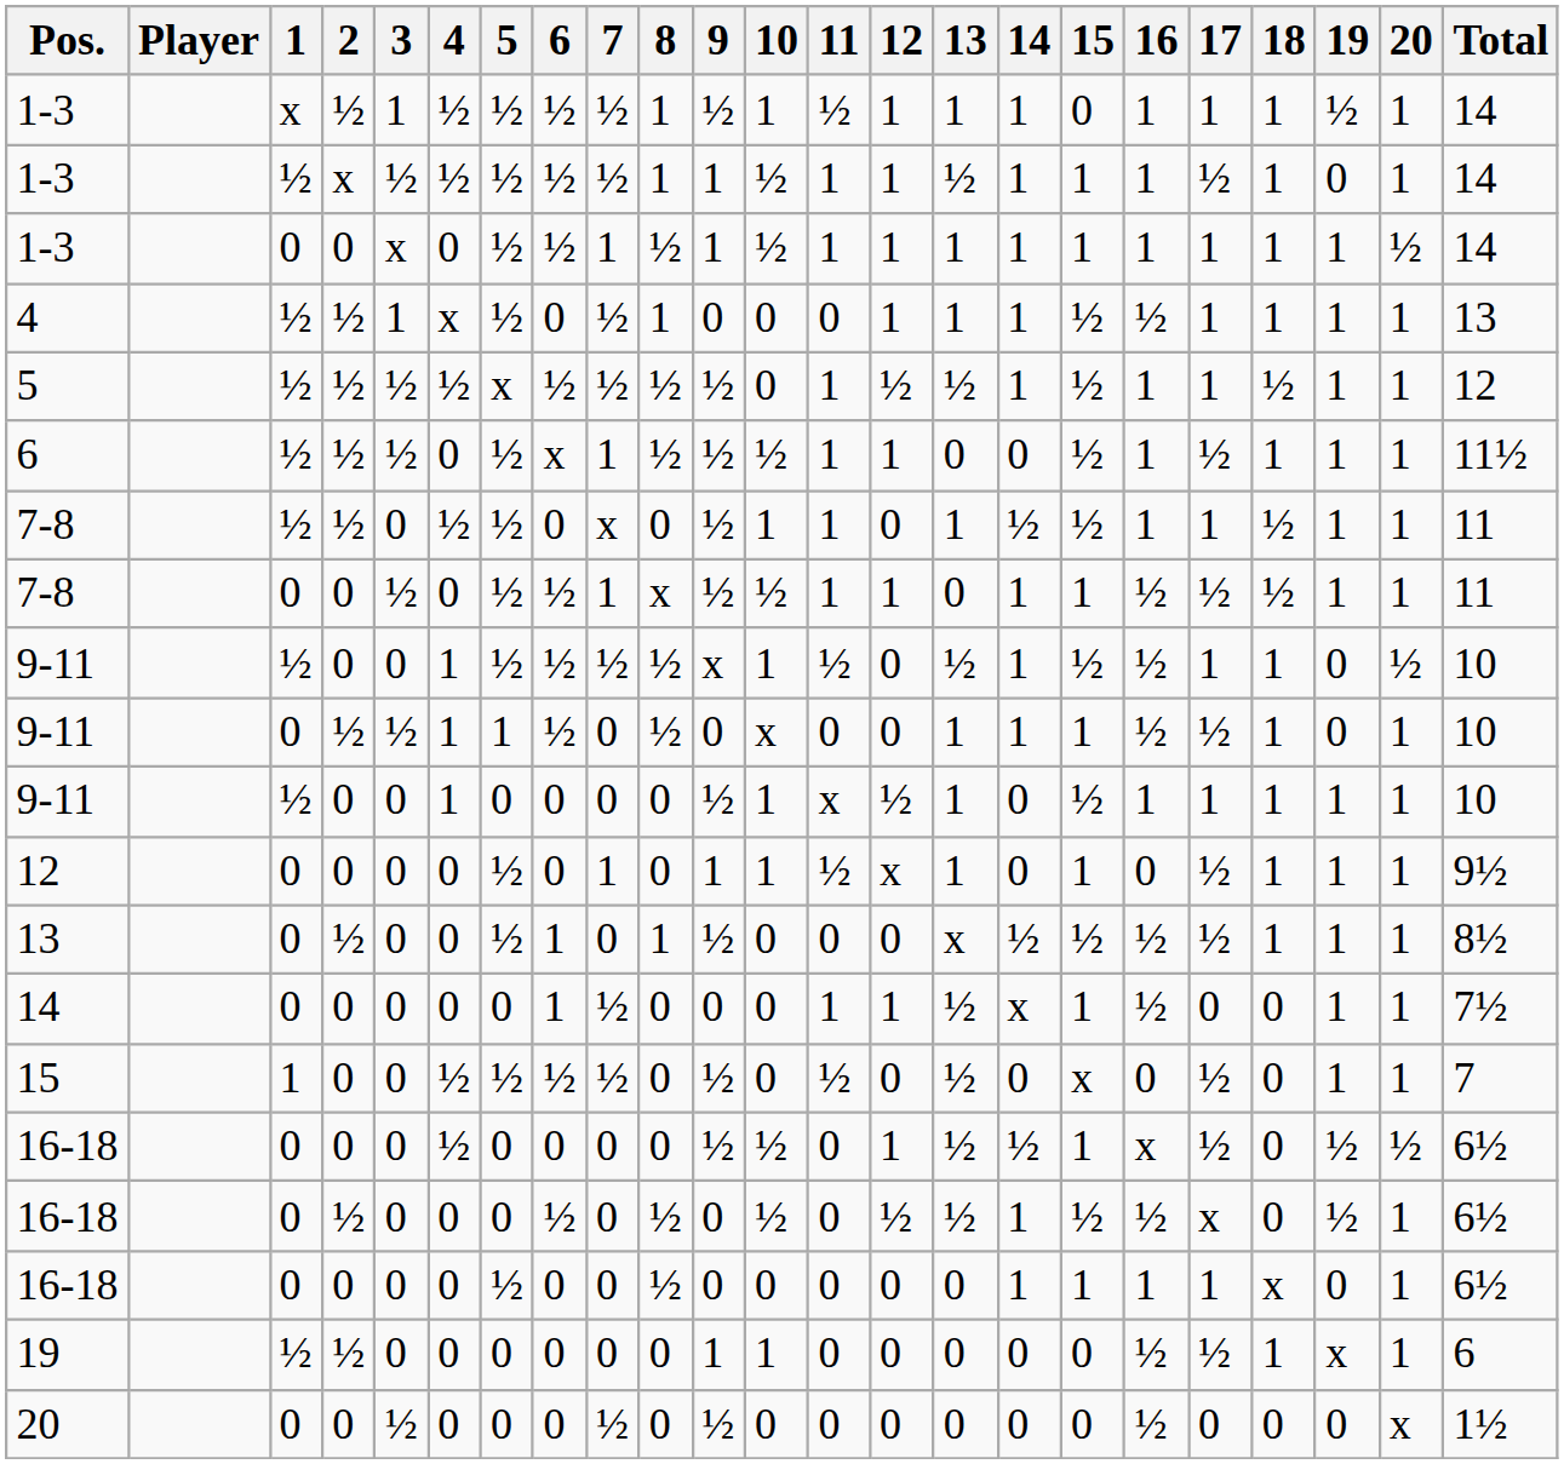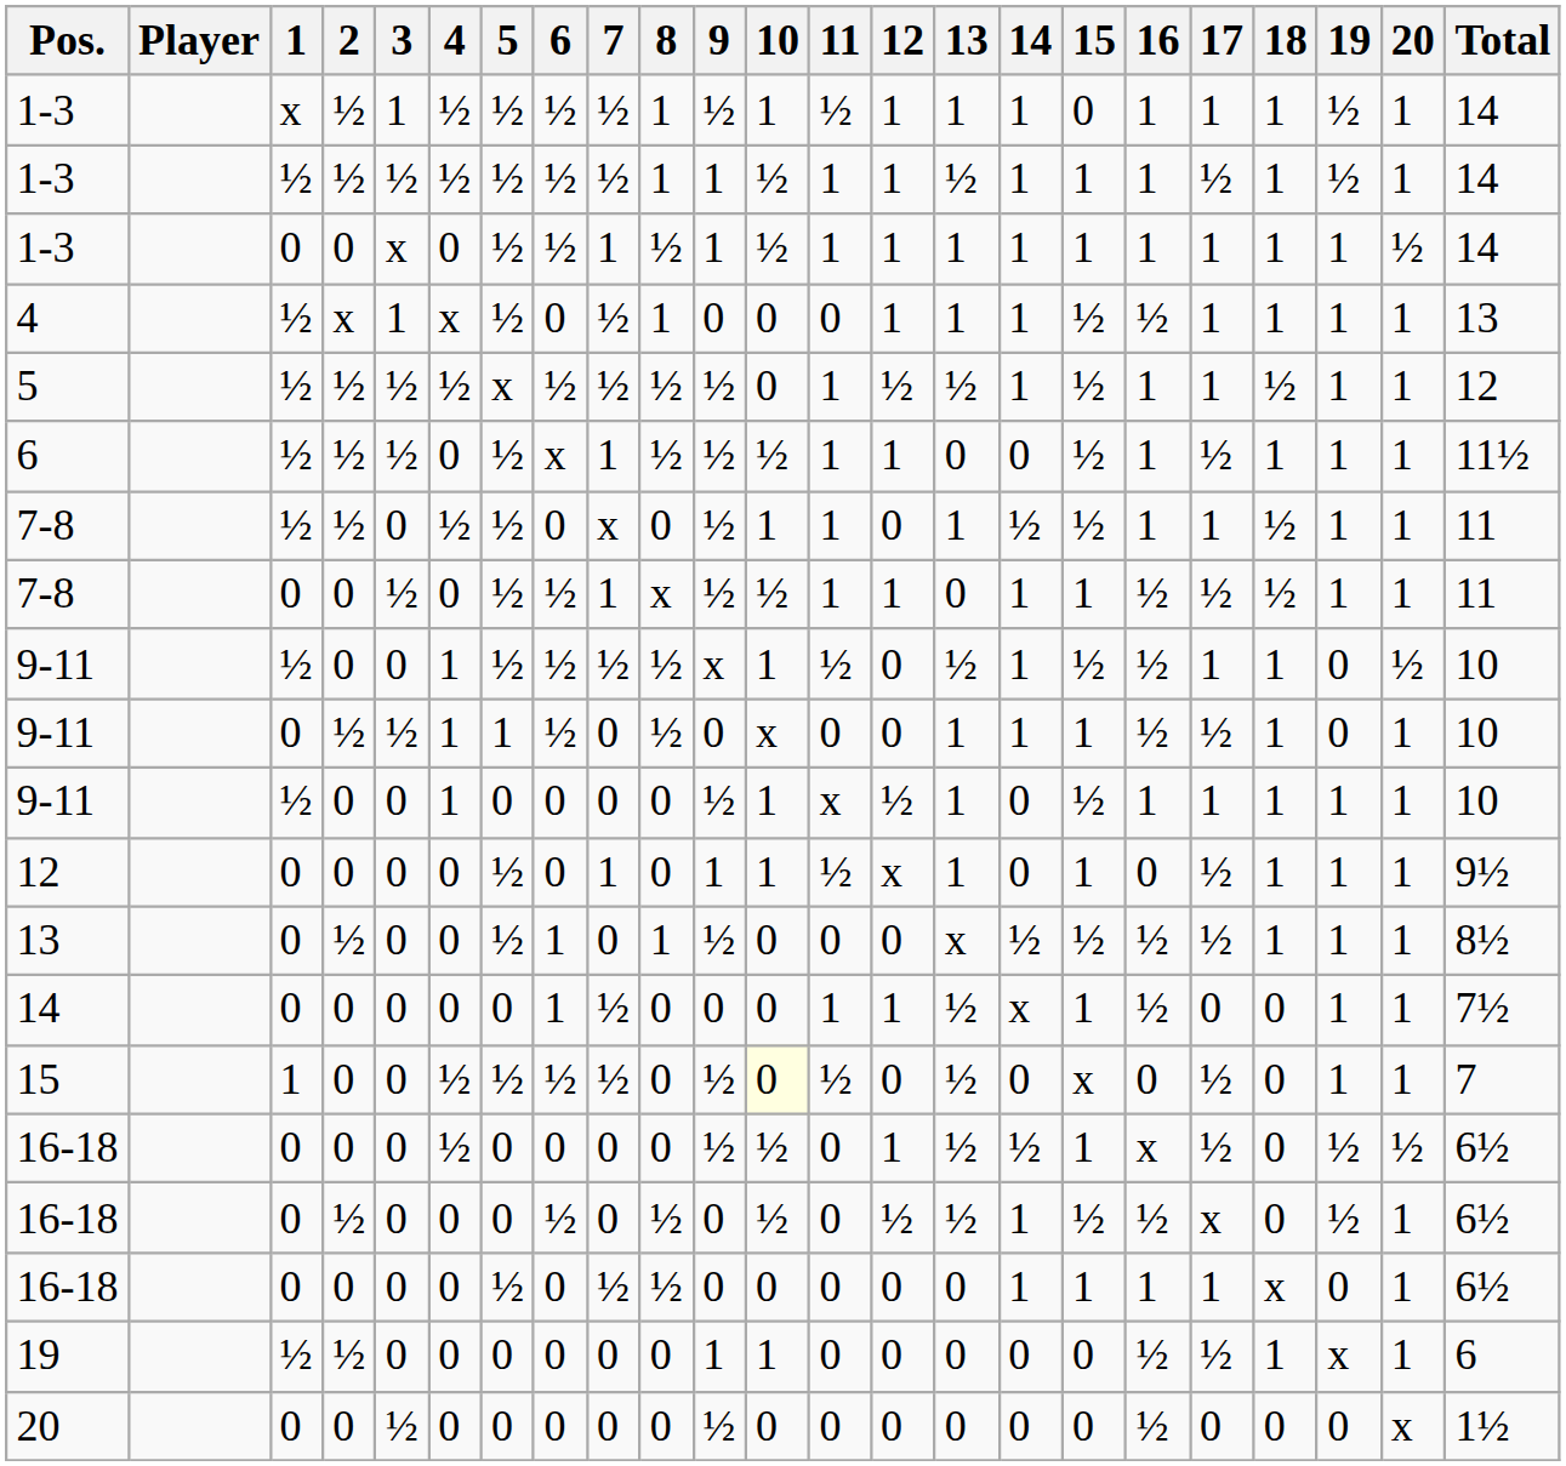 <table class="wikitable" style="text-align: left">
 <tr>
 <th>Pos.</th>
 <th>Player</th>
 <th>1</th>
 <th>2</th>
 <th>3</th>
 <th>4</th>
 <th>5</th>
 <th>6</th>
 <th>7</th>
 <th>8</th>
 <th>9</th>
 <th>10</th>
 <th>11</th>
 <th>12</th>
 <th>13</th>
 <th>14</th>
 <th>15</th>
 <th>16</th>
 <th>17</th>
 <th>18</th>
 <th>19</th>
 <th>20</th>
 <th>Total</th>
 </tr>
 <tr>
 <td>1-3</td>
 <td></td>
 <td>x</td>
 <td>½</td>
 <td>1</td>
 <td>½</td>
 <td>½</td>
 <td>½</td>
 <td>½</td>
 <td>1</td>
 <td>½</td>
 <td>1</td>
 <td>½</td>
 <td>1</td>
 <td>1</td>
 <td>1</td>
 <td>0</td>
 <td>1</td>
 <td>1</td>
 <td>1</td>
 <td>½</td>
 <td>1</td>
 <td>14</td>
 </tr>
 <tr>
 <td>1-3</td>
 <td></td>
 <td>½</td>
-<td>x</td>
+<td>½</td>
 <td>½</td>
 <td>½</td>
 <td>½</td>
 <td>½</td>
 <td>½</td>
 <td>1</td>
 <td>1</td>
 <td>½</td>
 <td>1</td>
 <td>1</td>
 <td>½</td>
 <td>1</td>
 <td>1</td>
 <td>1</td>
 <td>½</td>
 <td>1</td>
-<td>0</td>
+<td>½</td>
 <td>1</td>
 <td>14</td>
 </tr>
 <tr>
 <td>1-3</td>
 <td></td>
 <td>0</td>
 <td>0</td>
 <td>x</td>
 <td>0</td>
 <td>½</td>
 <td>½</td>
 <td>1</td>
 <td>½</td>
 <td>1</td>
 <td>½</td>
 <td>1</td>
 <td>1</td>
 <td>1</td>
 <td>1</td>
 <td>1</td>
 <td>1</td>
 <td>1</td>
 <td>1</td>
 <td>1</td>
 <td>½</td>
 <td>14</td>
 </tr>
 <tr>
 <td>4</td>
 <td></td>
 <td>½</td>
-<td>½</td>
+<td>x</td>
 <td>1</td>
 <td>x</td>
 <td>½</td>
 <td>0</td>
 <td>½</td>
 <td>1</td>
 <td>0</td>
 <td>0</td>
 <td>0</td>
 <td>1</td>
 <td>1</td>
 <td>1</td>
 <td>½</td>
 <td>½</td>
 <td>1</td>
 <td>1</td>
 <td>1</td>
 <td>1</td>
 <td>13</td>
 </tr>
 <tr>
 <td>5</td>
 <td></td>
 <td>½</td>
 <td>½</td>
 <td>½</td>
 <td>½</td>
 <td>x</td>
 <td>½</td>
 <td>½</td>
 <td>½</td>
 <td>½</td>
 <td>0</td>
 <td>1</td>
 <td>½</td>
 <td>½</td>
 <td>1</td>
 <td>½</td>
 <td>1</td>
 <td>1</td>
 <td>½</td>
 <td>1</td>
 <td>1</td>
 <td>12</td>
 </tr>
 <tr>
 <td>6</td>
 <td></td>
 <td>½</td>
 <td>½</td>
 <td>½</td>
 <td>0</td>
 <td>½</td>
 <td>x</td>
 <td>1</td>
 <td>½</td>
 <td>½</td>
 <td>½</td>
 <td>1</td>
 <td>1</td>
 <td>0</td>
 <td>0</td>
 <td>½</td>
 <td>1</td>
 <td>½</td>
 <td>1</td>
 <td>1</td>
 <td>1</td>
 <td>11½</td>
 </tr>
 <tr>
 <td>7-8</td>
 <td></td>
 <td>½</td>
 <td>½</td>
 <td>0</td>
 <td>½</td>
 <td>½</td>
 <td>0</td>
 <td>x</td>
 <td>0</td>
 <td>½</td>
 <td>1</td>
 <td>1</td>
 <td>0</td>
 <td>1</td>
 <td>½</td>
 <td>½</td>
 <td>1</td>
 <td>1</td>
 <td>½</td>
 <td>1</td>
 <td>1</td>
 <td>11</td>
 </tr>
 <tr>
 <td>7-8</td>
 <td></td>
 <td>0</td>
 <td>0</td>
 <td>½</td>
 <td>0</td>
 <td>½</td>
 <td>½</td>
 <td>1</td>
 <td>x</td>
 <td>½</td>
 <td>½</td>
 <td>1</td>
 <td>1</td>
 <td>0</td>
 <td>1</td>
 <td>1</td>
 <td>½</td>
 <td>½</td>
 <td>½</td>
 <td>1</td>
 <td>1</td>
 <td>11</td>
 </tr>
 <tr>
 <td>9-11</td>
 <td></td>
 <td>½</td>
 <td>0</td>
 <td>0</td>
 <td>1</td>
 <td>½</td>
 <td>½</td>
 <td>½</td>
 <td>½</td>
 <td>x</td>
 <td>1</td>
 <td>½</td>
 <td>0</td>
 <td>½</td>
 <td>1</td>
 <td>½</td>
 <td>½</td>
 <td>1</td>
 <td>1</td>
 <td>0</td>
 <td>½</td>
 <td>10</td>
 </tr>
 <tr>
 <td>9-11</td>
 <td></td>
 <td>0</td>
 <td>½</td>
 <td>½</td>
 <td>1</td>
 <td>1</td>
 <td>½</td>
 <td>0</td>
 <td>½</td>
 <td>0</td>
 <td>x</td>
 <td>0</td>
 <td>0</td>
 <td>1</td>
 <td>1</td>
 <td>1</td>
 <td>½</td>
 <td>½</td>
 <td>1</td>
 <td>0</td>
 <td>1</td>
 <td>10</td>
 </tr>
 <tr>
 <td>9-11</td>
 <td></td>
 <td>½</td>
 <td>0</td>
 <td>0</td>
 <td>1</td>
 <td>0</td>
 <td>0</td>
 <td>0</td>
 <td>0</td>
 <td>½</td>
 <td>1</td>
 <td>x</td>
 <td>½</td>
 <td>1</td>
 <td>0</td>
 <td>½</td>
 <td>1</td>
 <td>1</td>
 <td>1</td>
 <td>1</td>
 <td>1</td>
 <td>10</td>
 </tr>
 <tr>
 <td>12</td>
 <td></td>
 <td>0</td>
 <td>0</td>
 <td>0</td>
 <td>0</td>
 <td>½</td>
 <td>0</td>
 <td>1</td>
 <td>0</td>
 <td>1</td>
 <td>1</td>
 <td>½</td>
 <td>x</td>
 <td>1</td>
 <td>0</td>
 <td>1</td>
 <td>0</td>
 <td>½</td>
 <td>1</td>
 <td>1</td>
 <td>1</td>
 <td>9½</td>
 </tr>
 <tr>
 <td>13</td>
 <td></td>
 <td>0</td>
 <td>½</td>
 <td>0</td>
 <td>0</td>
 <td>½</td>
 <td>1</td>
 <td>0</td>
 <td>1</td>
 <td>½</td>
 <td>0</td>
 <td>0</td>
 <td>0</td>
 <td>x</td>
 <td>½</td>
 <td>½</td>
 <td>½</td>
 <td>½</td>
 <td>1</td>
 <td>1</td>
 <td>1</td>
 <td>8½</td>
 </tr>
 <tr>
 <td>14</td>
 <td></td>
 <td>0</td>
 <td>0</td>
 <td>0</td>
 <td>0</td>
 <td>0</td>
 <td>1</td>
 <td>½</td>
 <td>0</td>
 <td>0</td>
 <td>0</td>
 <td>1</td>
 <td>1</td>
 <td>½</td>
 <td>x</td>
 <td>1</td>
 <td>½</td>
 <td>0</td>
 <td>0</td>
 <td>1</td>
 <td>1</td>
 <td>7½</td>
 </tr>
 <tr>
 <td>15</td>
 <td></td>
 <td>1</td>
 <td>0</td>
 <td>0</td>
 <td>½</td>
 <td>½</td>
 <td>½</td>
 <td>½</td>
 <td>0</td>
 <td>½</td>
-<td>0</td>
+<td style="background: lightyellow;">0</td>
 <td>½</td>
 <td>0</td>
 <td>½</td>
 <td>0</td>
 <td>x</td>
 <td>0</td>
 <td>½</td>
 <td>0</td>
 <td>1</td>
 <td>1</td>
 <td>7</td>
 </tr>
 <tr>
 <td>16-18</td>
 <td></td>
 <td>0</td>
 <td>0</td>
 <td>0</td>
 <td>½</td>
 <td>0</td>
 <td>0</td>
 <td>0</td>
 <td>0</td>
 <td>½</td>
 <td>½</td>
 <td>0</td>
 <td>1</td>
 <td>½</td>
 <td>½</td>
 <td>1</td>
 <td>x</td>
 <td>½</td>
 <td>0</td>
 <td>½</td>
 <td>½</td>
 <td>6½</td>
 </tr>
 <tr>
 <td>16-18</td>
 <td></td>
 <td>0</td>
 <td>½</td>
 <td>0</td>
 <td>0</td>
 <td>0</td>
 <td>½</td>
 <td>0</td>
 <td>½</td>
 <td>0</td>
 <td>½</td>
 <td>0</td>
 <td>½</td>
 <td>½</td>
 <td>1</td>
 <td>½</td>
 <td>½</td>
 <td>x</td>
 <td>0</td>
 <td>½</td>
 <td>1</td>
 <td>6½</td>
 </tr>
 <tr>
 <td>16-18</td>
 <td></td>
 <td>0</td>
 <td>0</td>
 <td>0</td>
 <td>0</td>
 <td>½</td>
 <td>0</td>
-<td>0</td>
+<td>½</td>
 <td>½</td>
 <td>0</td>
 <td>0</td>
 <td>0</td>
 <td>0</td>
 <td>0</td>
 <td>1</td>
 <td>1</td>
 <td>1</td>
 <td>1</td>
 <td>x</td>
 <td>0</td>
 <td>1</td>
 <td>6½</td>
 </tr>
 <tr>
 <td>19</td>
 <td></td>
 <td>½</td>
 <td>½</td>
 <td>0</td>
 <td>0</td>
 <td>0</td>
 <td>0</td>
 <td>0</td>
 <td>0</td>
 <td>1</td>
 <td>1</td>
 <td>0</td>
 <td>0</td>
 <td>0</td>
 <td>0</td>
 <td>0</td>
 <td>½</td>
 <td>½</td>
 <td>1</td>
 <td>x</td>
 <td>1</td>
 <td>6</td>
 </tr>
 <tr>
 <td>20</td>
 <td></td>
 <td>0</td>
 <td>0</td>
 <td>½</td>
 <td>0</td>
 <td>0</td>
 <td>0</td>
-<td>½</td>
+<td>0</td>
 <td>0</td>
 <td>½</td>
 <td>0</td>
 <td>0</td>
 <td>0</td>
 <td>0</td>
 <td>0</td>
 <td>0</td>
 <td>½</td>
 <td>0</td>
 <td>0</td>
 <td>0</td>
 <td>x</td>
 <td>1½</td>
 </tr>
 </table>
